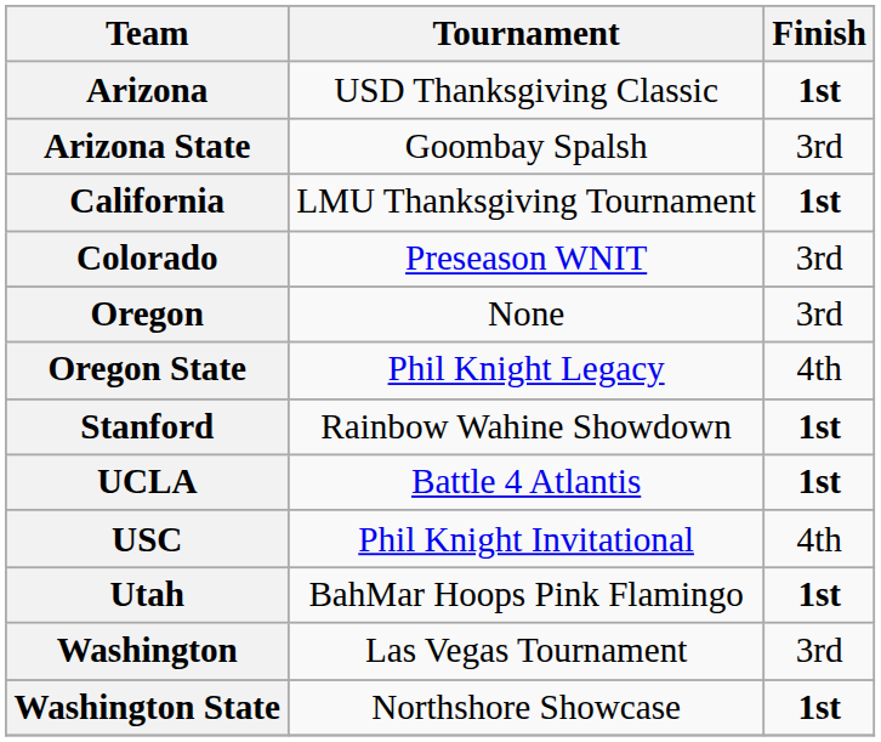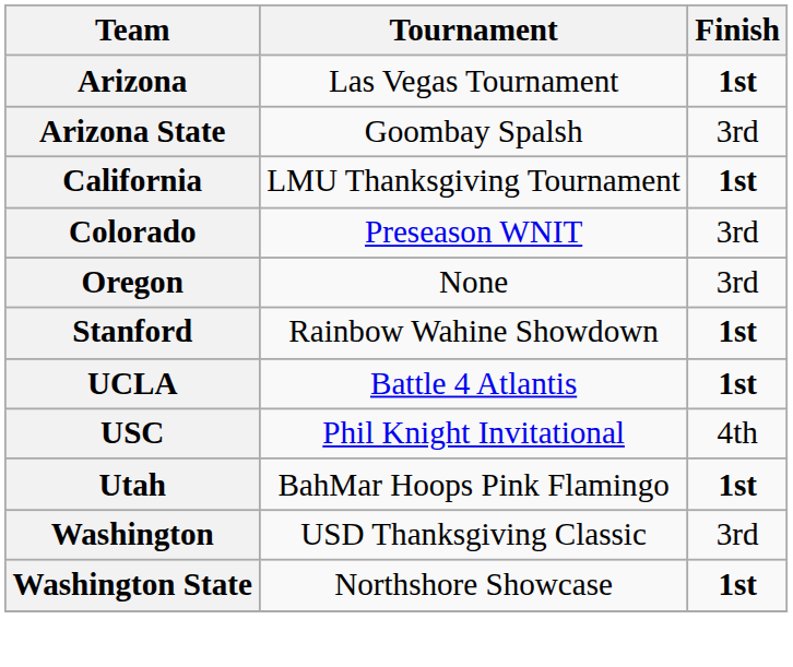 <table class="wikitable">
 <tr>
 <th>Team</th>
 <th>Tournament</th>
 <th>Finish</th>
 </tr>
 <tr style="text-align:center;">
 <th>Arizona</th>
-<td>USD Thanksgiving Classic</td>
+<td>Las Vegas Tournament</td>
 <td><strong>1st</strong></td>
 </tr>
 <tr style="text-align:center;">
 <th>Arizona State</th>
 <td>Goombay Spalsh</td>
 <td>3rd</td>
 </tr>
 <tr style="text-align:center;">
 <th>California</th>
 <td>LMU Thanksgiving Tournament</td>
 <td><strong>1st</strong></td>
 </tr>
 <tr style="text-align:center;">
 <th>Colorado</th>
 <td><a href='#'>Preseason WNIT</a></td>
 <td>3rd</td>
 </tr>
 <tr style="text-align:center;">
 <th>Oregon</th>
 <td>None</td>
 <td>3rd</td>
 </tr>
 <tr style="text-align:center;">
-<th>Oregon State</th>
-<td><a href='#'>Phil Knight Legacy</a></td>
-<td>4th</td>
-</tr>
-<tr style="text-align:center;">
 <th>Stanford</th>
 <td>Rainbow Wahine Showdown</td>
 <td><strong>1st</strong></td>
 </tr>
 <tr style="text-align:center;">
 <th>UCLA</th>
 <td><a href='#'>Battle 4 Atlantis</a></td>
 <td><strong>1st</strong></td>
 </tr>
 <tr style="text-align:center;">
 <th>USC</th>
 <td><a href='#'>Phil Knight Invitational</a></td>
 <td>4th</td>
 </tr>
 <tr style="text-align:center;">
 <th>Utah</th>
 <td>BahMar Hoops Pink Flamingo</td>
 <td><strong>1st</strong></td>
 </tr>
 <tr style="text-align:center;">
 <th>Washington</th>
-<td>Las Vegas Tournament</td>
+<td>USD Thanksgiving Classic</td>
 <td>3rd</td>
 </tr>
 <tr style="text-align:center;">
 <th>Washington State</th>
 <td>Northshore Showcase</td>
 <td><strong>1st</strong></td>
 </tr>
 <tr>
 </tr>
 </table>
